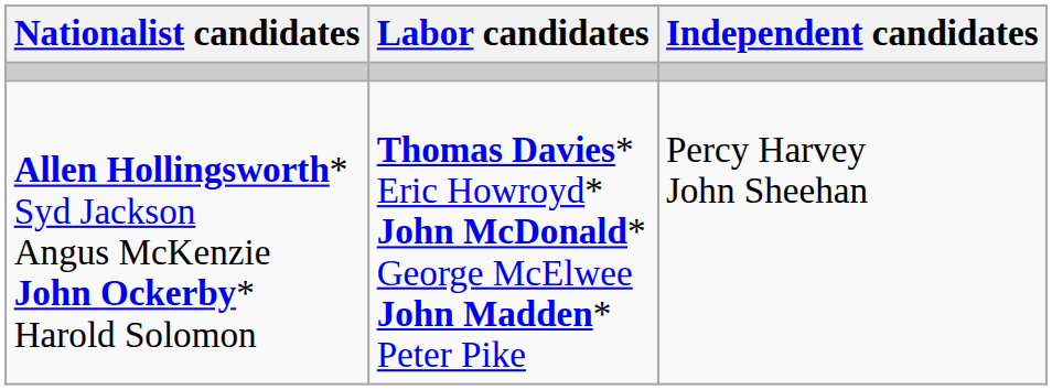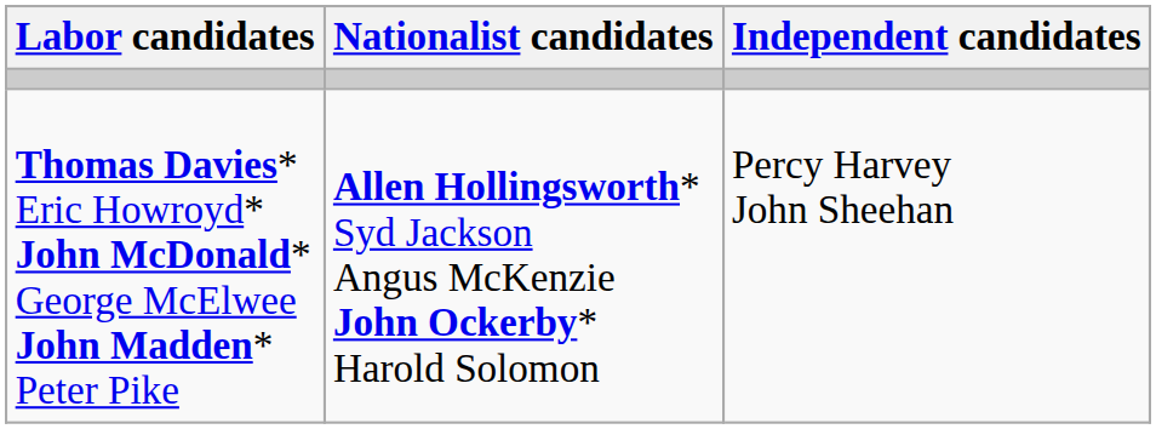 <table class="wikitable">
 <tr>
+<th><a href='#'>Labor</a> candidates</th>
 <th><a href='#'>Nationalist</a> candidates</th>
-<th><a href='#'>Labor</a> candidates</th>
 <th><a href='#'>Independent</a> candidates</th>
 </tr>
 <tr bgcolor="#cccccc">
 <td></td>
 <td></td>
 <td></td>
 </tr>
 <tr>
+<td><br><strong><a href='#'>Thomas Davies</a></strong>*<br> <a href='#'>Eric Howroyd</a>*<br> <strong><a href='#'>John McDonald</a></strong>*<br> <a href='#'>George McElwee</a><br> <strong><a href='#'>John Madden</a></strong>*<br> <a href='#'>Peter Pike</a></td>
 <td><br><strong><a href='#'>Allen Hollingsworth</a></strong>*<br> <a href='#'>Syd Jackson</a><br> Angus McKenzie<br> <strong><a href='#'>John Ockerby</a></strong>*<br> Harold Solomon</td>
-<td><br><strong><a href='#'>Thomas Davies</a></strong>*<br> <a href='#'>Eric Howroyd</a>*<br> <strong><a href='#'>John McDonald</a></strong>*<br> <a href='#'>George McElwee</a><br> <strong><a href='#'>John Madden</a></strong>*<br> <a href='#'>Peter Pike</a></td>
 <td valign=top><br>Percy Harvey<br> John Sheehan</td>
 </tr>
 </table>
